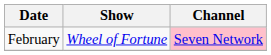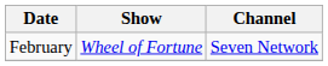 <table class="wikitable">
 <tr>
 <th>Date</th>
 <th>Show</th>
 <th>Channel</th>
 </tr>
 <tr>
 <td>February</td>
 <td><em><a href='#'>Wheel of Fortune</a></em></td>
-<td style="background: pink;"><a href='#'>Seven Network</a></td>
+<td><a href='#'>Seven Network</a></td>
 </tr>
 <tr>
 </tr>
 </table>
